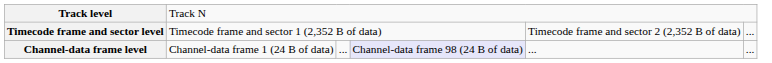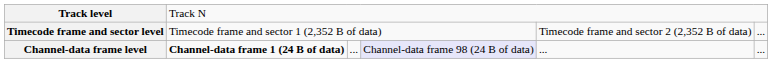 <table class="wikitable">
 <tr>
 <th>Track level</th>
 <td colspan = 6>Track N</td>
 </tr>
 <tr>
 <th>Timecode frame and sector level</th>
 <td colspan = 3>Timecode frame and sector 1 (2,352 B of data)</td>
 <td>Timecode frame and sector 2 (2,352 B of data)</td>
 <td>...</td>
 </tr>
 <tr>
 <th>Channel-data frame level</th>
-<td>Channel-data frame 1 (24 B of data)</td>
+<td><strong>Channel-data frame 1 (24 B of data)</strong></td>
 <td>...</td>
 <td style="background: lavender;">Channel-data frame 98 (24 B of data)</td>
 <td>...</td>
 <td>...</td>
 </tr>
 </table>
